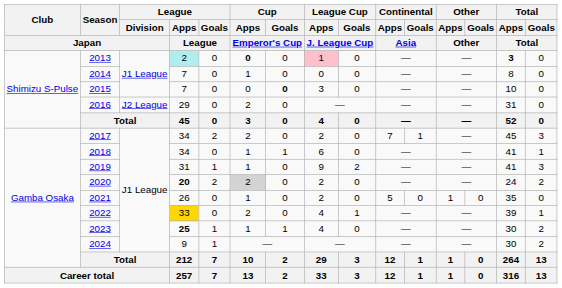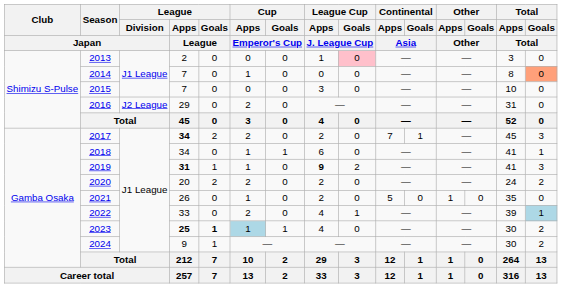 <table class="wikitable" style="text-align:center">
 <tr>
 <th rowspan=2>Club</th>
 <th rowspan=2>Season</th>
 <th colspan=3>League</th>
 <th colspan=2>Cup</th>
 <th colspan=2>League Cup</th>
 <th colspan=2>Continental</th>
 <th colspan=2>Other</th>
 <th colspan=2>Total</th>
 </tr>
 <tr>
 <th>Division</th>
 <th>Apps</th>
 <th>Goals</th>
 <th>Apps</th>
 <th>Goals</th>
 <th>Apps</th>
 <th>Goals</th>
 <th>Apps</th>
 <th>Goals</th>
 <th>Apps</th>
 <th>Goals</th>
 <th>Apps</th>
 <th>Goals</th>
 </tr>
 <tr>
 <th colspan=3>Japan</th>
 <th colspan=2>League</th>
 <th colspan=2><a href='#'>Emperor's Cup</a></th>
 <th colspan=2><a href='#'>J. League Cup</a></th>
 <th colspan=2><a href='#'>Asia</a></th>
 <th colspan=2>Other</th>
 <th colspan=2>Total</th>
 </tr>
 <tr>
 <td rowspan="5"><a href='#'>Shimizu S-Pulse</a></td>
 <td><a href='#'>2013</a></td>
 <td rowspan="3"><a href='#'>J1 League</a></td>
-<td style="background: paleturquoise;">2</td>
+<td>2</td>
 <td>0</td>
-<td><strong>0</strong></td>
 <td>0</td>
-<td style="background: pink;">1</td>
 <td>0</td>
+<td>1</td>
+<td style="background: pink;">0</td>
 <td colspan="2">—</td>
 <td colspan="2">—</td>
-<td><strong>3</strong></td>
+<td>3</td>
 <td>0</td>
 </tr>
 <tr>
 <td><a href='#'>2014</a></td>
 <td>7</td>
 <td>0</td>
 <td>1</td>
 <td>0</td>
 <td>0</td>
 <td>0</td>
 <td colspan="2">—</td>
 <td colspan="2">—</td>
 <td>8</td>
-<td>0</td>
+<td style="background: lightsalmon;">0</td>
 </tr>
 <tr>
 <td><a href='#'>2015</a></td>
 <td>7</td>
 <td>0</td>
 <td>0</td>
-<td><strong>0</strong></td>
+<td>0</td>
 <td>3</td>
 <td>0</td>
 <td colspan="2">—</td>
 <td colspan="2">—</td>
 <td>10</td>
 <td>0</td>
 </tr>
 <tr>
 <td><a href='#'>2016</a></td>
 <td rowspan="1"><a href='#'>J2 League</a></td>
 <td>29</td>
 <td>0</td>
 <td>2</td>
 <td>0</td>
 <td colspan="2">—</td>
 <td colspan="2">—</td>
 <td colspan="2">—</td>
 <td>31</td>
 <td>0</td>
 </tr>
 <tr>
 <th colspan=2>Total</th>
 <th>45</th>
 <th>0</th>
 <th>3</th>
 <th>0</th>
 <th>4</th>
 <th>0</th>
 <th colspan="2">—</th>
 <th colspan="2">—</th>
 <th>52</th>
 <th>0</th>
 </tr>
 <tr>
 <td rowspan="9"><a href='#'>Gamba Osaka</a></td>
 <td><a href='#'>2017</a></td>
 <td rowspan="8">J1 League</td>
-<td>34</td>
+<td><strong>34</strong></td>
 <td>2</td>
 <td>2</td>
 <td>0</td>
 <td>2</td>
 <td>0</td>
 <td>7</td>
 <td>1</td>
 <td colspan="2">—</td>
 <td>45</td>
 <td>3</td>
 </tr>
 <tr>
 <td><a href='#'>2018</a></td>
 <td>34</td>
 <td>0</td>
 <td>1</td>
 <td>1</td>
 <td>6</td>
 <td>0</td>
 <td colspan="2">—</td>
 <td colspan="2">—</td>
 <td>41</td>
 <td>1</td>
 </tr>
 <tr>
 <td><a href='#'>2019</a></td>
-<td>31</td>
+<td><strong>31</strong></td>
 <td>1</td>
 <td>1</td>
 <td>0</td>
-<td>9</td>
+<td><strong>9</strong></td>
 <td>2</td>
 <td colspan="2">—</td>
 <td colspan="2">—</td>
 <td>41</td>
 <td>3</td>
 </tr>
 <tr>
 <td><a href='#'>2020</a></td>
-<td><strong>20</strong></td>
+<td>20</td>
 <td>2</td>
-<td style="background: lightgrey;">2</td>
+<td>2</td>
 <td>0</td>
 <td>2</td>
 <td>0</td>
 <td colspan="2">—</td>
 <td colspan="2">—</td>
 <td>24</td>
 <td>2</td>
 </tr>
 <tr>
 <td><a href='#'>2021</a></td>
 <td>26</td>
 <td>0</td>
 <td>1</td>
 <td>0</td>
 <td>2</td>
 <td>0</td>
 <td>5</td>
 <td>0</td>
 <td>1</td>
 <td>0</td>
 <td>35</td>
 <td>0</td>
 </tr>
 <tr>
 <td><a href='#'>2022</a></td>
-<td style="background: gold;">33</td>
+<td>33</td>
 <td>0</td>
 <td>2</td>
 <td>0</td>
 <td>4</td>
 <td>1</td>
 <td colspan="2">—</td>
 <td colspan="2">—</td>
 <td>39</td>
-<td>1</td>
+<td style="background: lightblue;">1</td>
 </tr>
 <tr>
 <td><a href='#'>2023</a></td>
 <td><strong>25</strong></td>
-<td>1</td>
-<td>1</td>
+<td><strong>1</strong></td>
+<td style="background: lightblue;">1</td>
 <td>1</td>
 <td>4</td>
 <td>0</td>
 <td colspan="2">—</td>
 <td colspan="2">—</td>
 <td>30</td>
 <td>2</td>
 </tr>
 <tr>
 <td><a href='#'>2024</a></td>
 <td>9</td>
 <td>1</td>
 <td colspan="2">—</td>
 <td colspan="2">—</td>
 <td colspan="2">—</td>
 <td colspan="2">—</td>
 <td>30</td>
 <td>2</td>
 </tr>
 <tr>
 <th colspan="2">Total</th>
 <th>212</th>
 <th>7</th>
 <th>10</th>
 <th>2</th>
 <th>29</th>
 <th>3</th>
 <th>12</th>
 <th>1</th>
 <th>1</th>
 <th>0</th>
 <th>264</th>
 <th>13</th>
 </tr>
 <tr>
 <th colspan=3>Career total</th>
 <th>257</th>
 <th>7</th>
 <th>13</th>
 <th>2</th>
 <th>33</th>
 <th>3</th>
 <th>12</th>
 <th>1</th>
 <th>1</th>
 <th>0</th>
 <th>316</th>
 <th>13</th>
 </tr>
 </table>
